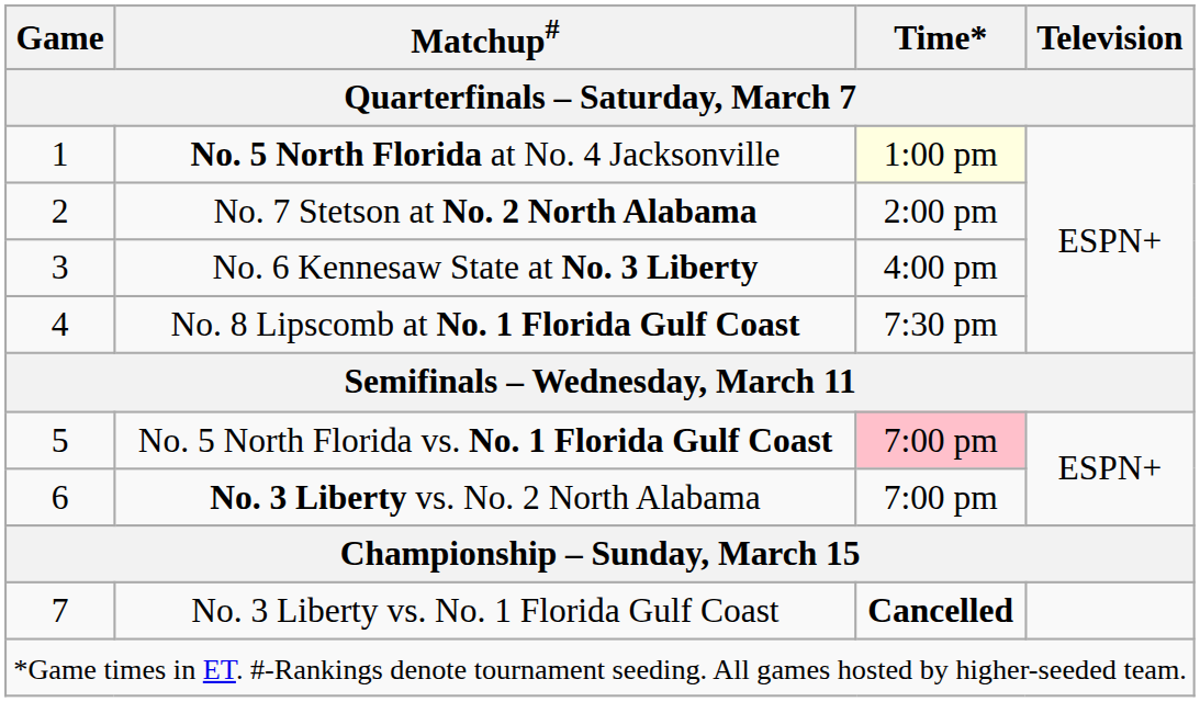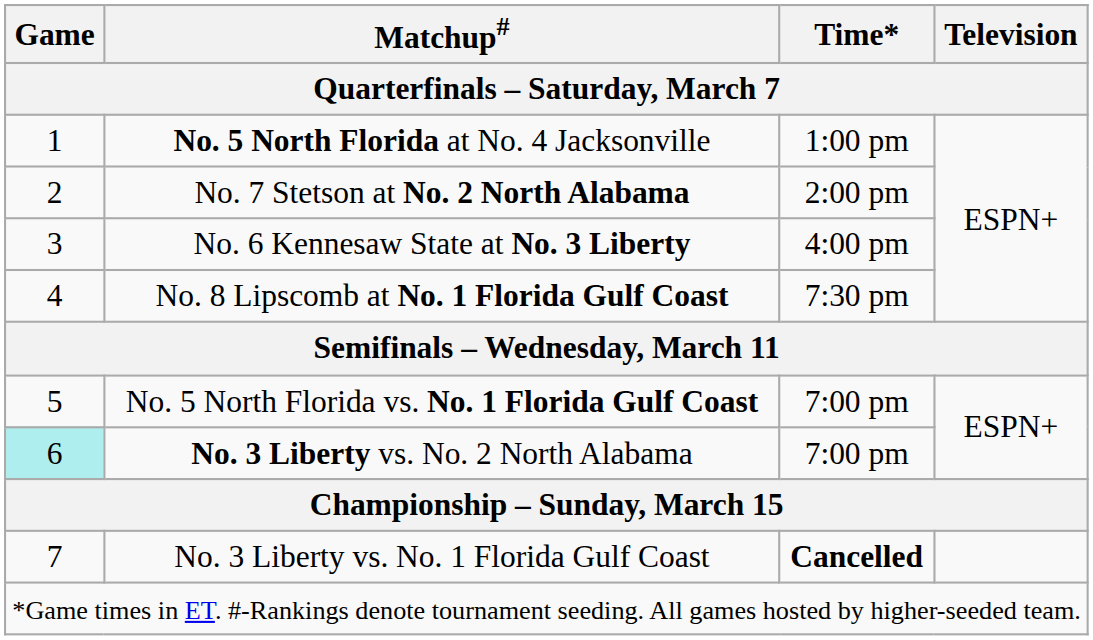 <table class="wikitable" style="font-size: 95%; text-align:center;">
 <tr>
 <th>Game</th>
 <th>Matchup<sup>#</sup></th>
 <th>Time*</th>
 <th>Television</th>
 </tr>
 <tr>
 <th colspan=5>Quarterfinals – Saturday, March 7</th>
 </tr>
 <tr>
 <td>1</td>
 <td><strong>No. 5 North Florida</strong> at No. 4 Jacksonville</td>
-<td style="background: lightyellow;">1:00 pm</td>
+<td>1:00 pm</td>
 <td rowspan=4>ESPN+</td>
 </tr>
 <tr>
 <td>2</td>
 <td>No. 7 Stetson at <strong>No. 2 North Alabama</strong></td>
 <td>2:00 pm</td>
 </tr>
 <tr>
 <td>3</td>
 <td>No. 6 Kennesaw State at <strong>No. 3 Liberty</strong></td>
 <td>4:00 pm</td>
 </tr>
 <tr>
 <td>4</td>
 <td>No. 8 Lipscomb at <strong>No. 1 Florida Gulf Coast</strong></td>
 <td>7:30 pm</td>
 </tr>
 <tr>
 <th colspan=5>Semifinals – Wednesday, March 11</th>
 </tr>
 <tr>
 <td>5</td>
 <td>No. 5 North Florida vs. <strong>No. 1 Florida Gulf Coast</strong></td>
-<td style="background: pink;">7:00 pm</td>
+<td>7:00 pm</td>
 <td rowspan=2>ESPN+</td>
 </tr>
 <tr>
-<td>6</td>
+<td style="background: paleturquoise;">6</td>
 <td><strong>No. 3 Liberty</strong> vs. No. 2 North Alabama</td>
 <td>7:00 pm</td>
 </tr>
 <tr>
 <th colspan=5>Championship – Sunday, March 15</th>
 </tr>
 <tr>
 <td>7</td>
 <td>No. 3 Liberty vs. No. 1 Florida Gulf Coast</td>
 <td><strong>Cancelled</strong></td>
 <td></td>
 </tr>
 <tr>
 <td colspan=5 style="text-align:left;"><small>*Game times in <a href='#'>ET</a>. #-Rankings denote tournament seeding. All games hosted by higher-seeded team.</small></td>
 </tr>
 </table>
